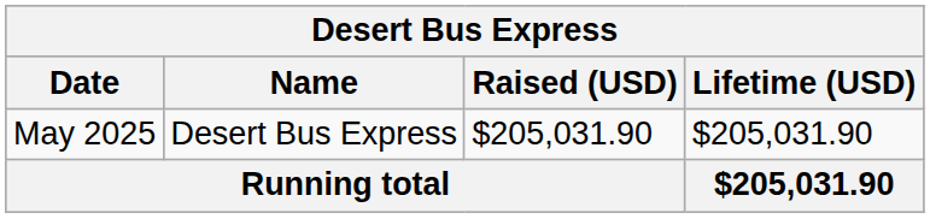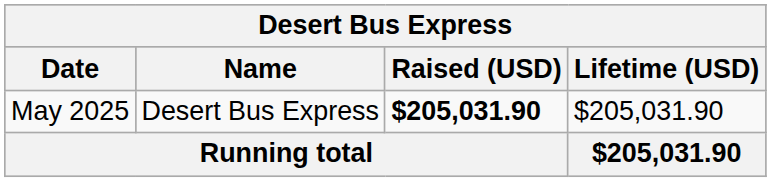 <table class="wikitable sortable">
 <tr>
 <th colspan="4">Desert Bus Express</th>
 </tr>
 <tr>
 <th>Date</th>
 <th>Name</th>
 <th>Raised (USD)</th>
 <th>Lifetime (USD)</th>
 </tr>
 <tr>
 <td>May 2025</td>
 <td>Desert Bus Express</td>
-<td data-sort-value="205,031.90">$205,031.90</td>
+<td data-sort-value="205,031.90"><strong>$205,031.90</strong></td>
 <td data-sort-value="205,031.90">$205,031.90</td>
 </tr>
 <tr>
 <th colspan="3">Running total</th>
 <th>$205,031.90</th>
 </tr>
 </table>
